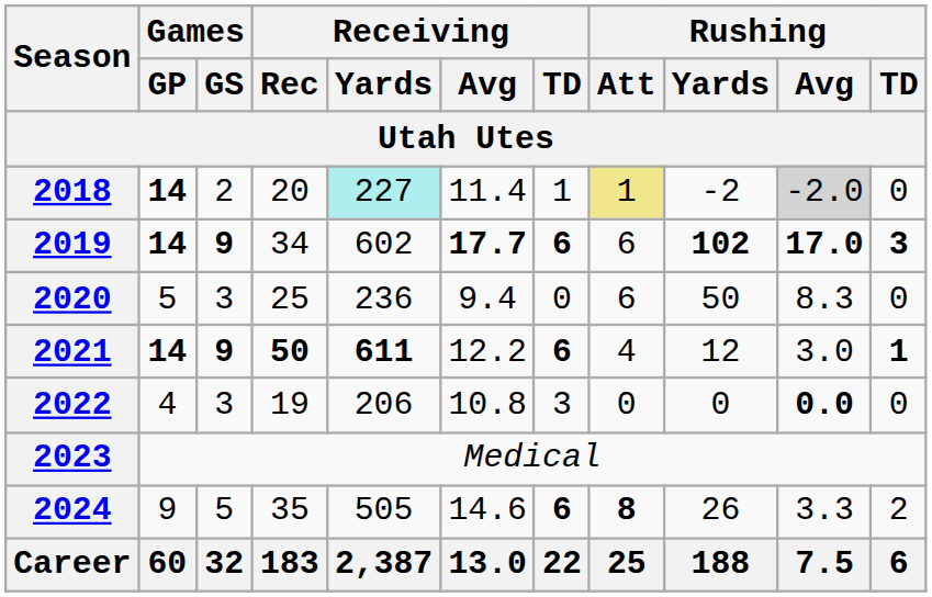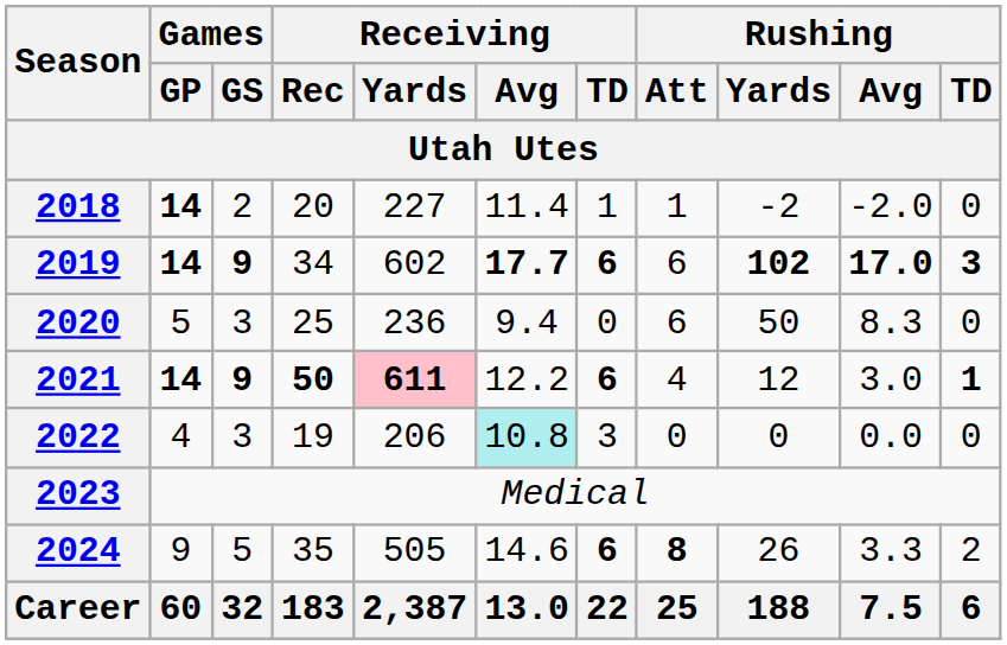 <table class="wikitable" style="text-align:center;">
 <tr>
 <th rowspan="2">Season</th>
 <th colspan="2">Games</th>
 <th colspan="4">Receiving</th>
 <th colspan="4">Rushing</th>
 </tr>
 <tr>
 <th>GP</th>
 <th>GS</th>
 <th>Rec</th>
 <th>Yards</th>
 <th>Avg</th>
 <th>TD</th>
 <th>Att</th>
 <th>Yards</th>
 <th>Avg</th>
 <th>TD</th>
 </tr>
 <tr>
 <th colspan="11">Utah Utes</th>
 </tr>
 <tr>
 <th><a href='#'>2018</a></th>
 <td><strong>14</strong></td>
 <td>2</td>
 <td>20</td>
-<td style="background: paleturquoise;">227</td>
+<td>227</td>
 <td>11.4</td>
 <td>1</td>
-<td style="background: khaki;">1</td>
+<td>1</td>
 <td>-2</td>
-<td style="background: lightgrey;">-2.0</td>
+<td>-2.0</td>
 <td>0</td>
 </tr>
 <tr>
 <th><a href='#'>2019</a></th>
 <td><strong>14</strong></td>
 <td><strong>9</strong></td>
 <td>34</td>
 <td>602</td>
 <td><strong>17.7</strong></td>
 <td><strong>6</strong></td>
 <td>6</td>
 <td><strong>102</strong></td>
 <td><strong>17.0</strong></td>
 <td><strong>3</strong></td>
 </tr>
 <tr>
 <th><a href='#'>2020</a></th>
 <td>5</td>
 <td>3</td>
 <td>25</td>
 <td>236</td>
 <td>9.4</td>
 <td>0</td>
 <td>6</td>
 <td>50</td>
 <td>8.3</td>
 <td>0</td>
 </tr>
 <tr>
 <th><a href='#'>2021</a></th>
 <td><strong>14</strong></td>
 <td><strong>9</strong></td>
 <td><strong>50</strong></td>
-<td><strong>611</strong></td>
+<td style="background: pink;"><strong>611</strong></td>
 <td>12.2</td>
 <td><strong>6</strong></td>
 <td>4</td>
 <td>12</td>
 <td>3.0</td>
 <td><strong>1</strong></td>
 </tr>
 <tr>
 <th><a href='#'>2022</a></th>
 <td>4</td>
 <td>3</td>
 <td>19</td>
 <td>206</td>
-<td>10.8</td>
+<td style="background: paleturquoise;">10.8</td>
 <td>3</td>
 <td>0</td>
 <td>0</td>
-<td><strong>0.0</strong></td>
+<td>0.0</td>
 <td>0</td>
 </tr>
 <tr>
 <th><a href='#'>2023</a></th>
 <td colspan="11"><em>Medical </em></td>
 </tr>
 <tr>
 <th><a href='#'>2024</a></th>
 <td>9</td>
 <td>5</td>
 <td>35</td>
 <td>505</td>
 <td>14.6</td>
 <td><strong>6</strong></td>
 <td><strong>8</strong></td>
 <td>26</td>
 <td>3.3</td>
 <td>2</td>
 </tr>
 <tr>
 <th>Career</th>
 <th>60</th>
 <th>32</th>
 <th>183</th>
 <th>2,387</th>
 <th>13.0</th>
 <th>22</th>
 <th>25</th>
 <th>188</th>
 <th>7.5</th>
 <th>6</th>
 </tr>
 </table>
